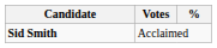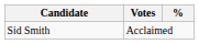 <table class="wikitable">
 <tr>
 <th style="width: 170px">Candidate</th>
 <th style="width: 50px">Votes</th>
 <th style="width: 40px">%</th>
 </tr>
 <tr>
-<td><strong>Sid Smith</strong></td>
+<td>Sid Smith</td>
 <td colspan="2">Acclaimed</td>
 </tr>
 </table>
